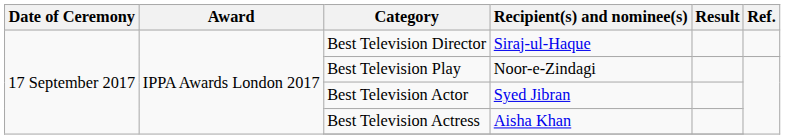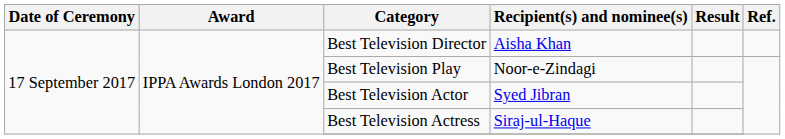 <table class="wikitable sortable">
 <tr>
 <th>Date of Ceremony</th>
 <th>Award</th>
 <th>Category</th>
 <th>Recipient(s) and nominee(s)</th>
 <th>Result</th>
 <th>Ref.</th>
 </tr>
 <tr>
 <td rowspan="5">17 September 2017</td>
 <td rowspan="5">IPPA Awards London 2017</td>
 <td>Best Television Director</td>
-<td><a href='#'>Siraj-ul-Haque</a></td>
+<td><a href='#'>Aisha Khan</a></td>
 <td></td>
 <td></td>
 </tr>
 <tr>
 <td>Best Television Play</td>
 <td>Noor-e-Zindagi</td>
 <td></td>
 <td rowspan="4"></td>
 </tr>
 <tr>
 <td>Best Television Actor</td>
 <td><a href='#'>Syed Jibran</a></td>
 <td></td>
 </tr>
 <tr>
 <td>Best Television Actress</td>
-<td><a href='#'>Aisha Khan</a></td>
+<td><a href='#'>Siraj-ul-Haque</a></td>
 <td></td>
 </tr>
 <tr>
 </tr>
 </table>
